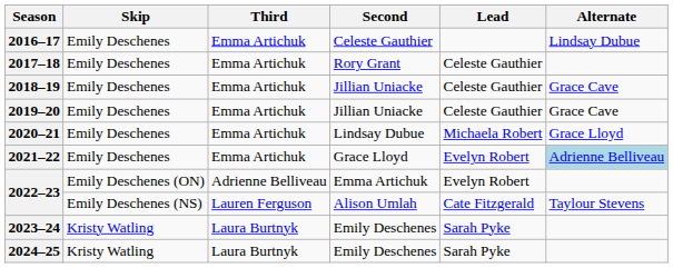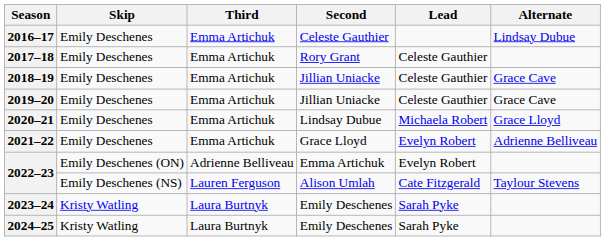 <table class="wikitable">
 <tr>
 <th scope="col">Season</th>
 <th scope="col">Skip</th>
 <th scope="col">Third</th>
 <th scope="col">Second</th>
 <th scope="col">Lead</th>
 <th scope="col">Alternate</th>
 </tr>
 <tr>
 <th scope="row">2016–17</th>
 <td>Emily Deschenes</td>
 <td><a href='#'>Emma Artichuk</a></td>
 <td><a href='#'>Celeste Gauthier</a></td>
 <td></td>
 <td><a href='#'>Lindsay Dubue</a></td>
 </tr>
 <tr>
 <th scope="row">2017–18</th>
 <td>Emily Deschenes</td>
 <td>Emma Artichuk</td>
 <td><a href='#'>Rory Grant</a></td>
 <td>Celeste Gauthier</td>
 <td></td>
 </tr>
 <tr>
 <th scope="row">2018–19</th>
 <td>Emily Deschenes</td>
 <td>Emma Artichuk</td>
 <td><a href='#'>Jillian Uniacke</a></td>
 <td>Celeste Gauthier</td>
 <td><a href='#'>Grace Cave</a></td>
 </tr>
 <tr>
 <th scope="row">2019–20</th>
 <td>Emily Deschenes</td>
 <td>Emma Artichuk</td>
 <td>Jillian Uniacke</td>
 <td>Celeste Gauthier</td>
 <td>Grace Cave</td>
 </tr>
 <tr>
 <th scope="row">2020–21</th>
 <td>Emily Deschenes</td>
 <td>Emma Artichuk</td>
 <td>Lindsay Dubue</td>
 <td><a href='#'>Michaela Robert</a></td>
 <td><a href='#'>Grace Lloyd</a></td>
 </tr>
 <tr>
 <th scope="row">2021–22</th>
 <td>Emily Deschenes</td>
 <td>Emma Artichuk</td>
 <td>Grace Lloyd</td>
 <td><a href='#'>Evelyn Robert</a></td>
-<td style="background: lightblue;"><a href='#'>Adrienne Belliveau</a></td>
+<td><a href='#'>Adrienne Belliveau</a></td>
 </tr>
 <tr>
 <th scope="row" rowspan=2>2022–23</th>
 <td>Emily Deschenes (ON)</td>
 <td>Adrienne Belliveau</td>
 <td>Emma Artichuk</td>
 <td>Evelyn Robert</td>
 <td></td>
 </tr>
 <tr>
 <td>Emily Deschenes (NS)</td>
 <td><a href='#'>Lauren Ferguson</a></td>
 <td><a href='#'>Alison Umlah</a></td>
 <td><a href='#'>Cate Fitzgerald</a></td>
 <td><a href='#'>Taylour Stevens</a></td>
 </tr>
 <tr>
 <th scope="row">2023–24</th>
 <td><a href='#'>Kristy Watling</a></td>
 <td><a href='#'>Laura Burtnyk</a></td>
 <td>Emily Deschenes</td>
 <td><a href='#'>Sarah Pyke</a></td>
 <td></td>
 </tr>
 <tr>
 <th scope="row">2024–25</th>
 <td>Kristy Watling</td>
 <td>Laura Burtnyk</td>
 <td>Emily Deschenes</td>
 <td>Sarah Pyke</td>
 <td></td>
 </tr>
 </table>
